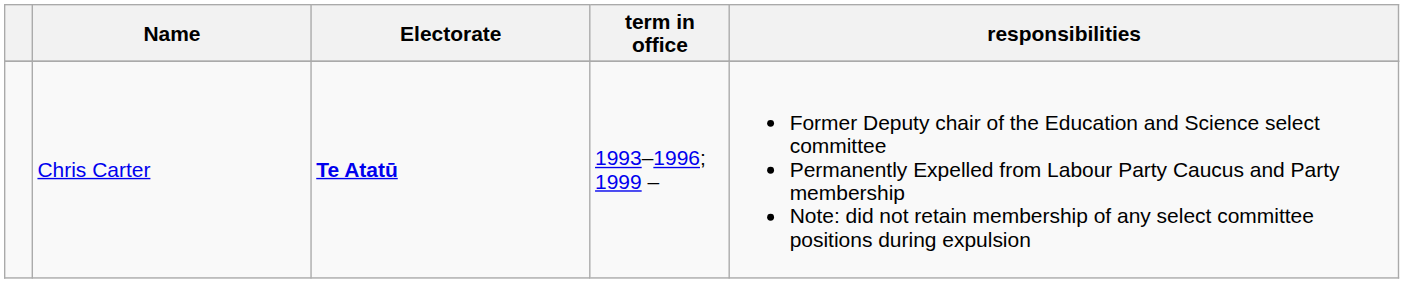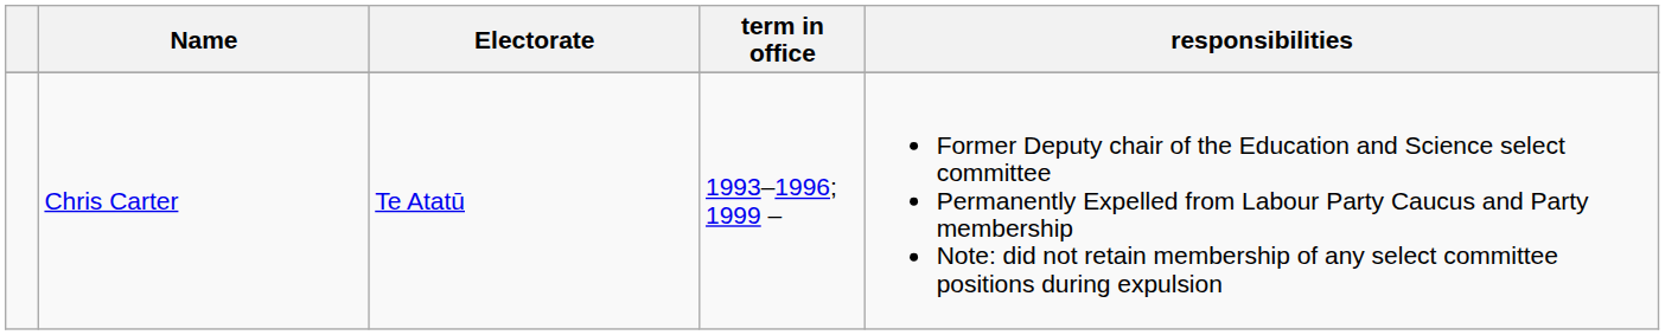 <table class="wikitable" width="80%" style="font-size: 95%;">
 <tr>
 <th width=2%></th>
 <th width=20%>Name</th>
 <th width=20%>Electorate</th>
 <th width=10%>term in office</th>
 <th width=48%>responsibilities</th>
 </tr>
 <tr>
 </tr>
 <tr>
 <td></td>
 <td><a href='#'>Chris Carter</a></td>
-<td><strong><a href='#'>Te Atatū</a></strong></td>
+<td><a href='#'>Te Atatū</a></td>
 <td><a href='#'>1993</a>–<a href='#'>1996</a>; <a href='#'>1999</a> –</td>
 <td><br><ul><li>Former Deputy chair of the Education and Science select committee</li><li>Permanently Expelled from Labour Party Caucus and Party membership</li><li>Note: did not retain membership of any select committee positions during expulsion</li></ul></td>
 </tr>
 </table>
